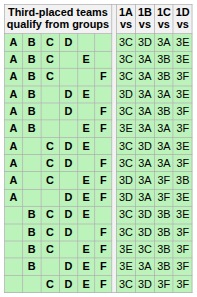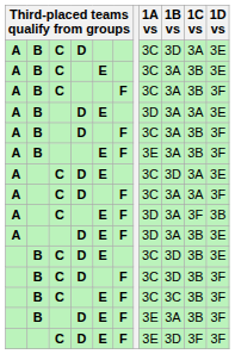 <table class="wikitable" style="text-align:center">
 <tr>
 <th colspan=6>Third-placed teams<br>qualify from groups</th>
 <th rowspan=16></th>
 <th>1A<br>vs</th>
 <th>1B<br>vs</th>
 <th>1C<br>vs</th>
 <th>1D<br>vs</th>
 </tr>
 <tr style="background:#BBF3BB;">
 <td><strong>A</strong></td>
 <td><strong>B</strong></td>
 <td><strong>C</strong></td>
 <td><strong>D</strong></td>
 <td></td>
 <td></td>
 <td>3C</td>
 <td>3D</td>
 <td>3A</td>
 <td>3E</td>
 </tr>
 <tr style="background:#BBF3BB;">
 <td><strong>A</strong></td>
 <td><strong>B</strong></td>
 <td><strong>C</strong></td>
 <td></td>
 <td><strong>E</strong></td>
 <td></td>
 <td>3C</td>
 <td>3A</td>
 <td>3B</td>
 <td>3E</td>
 </tr>
 <tr style="background:#BBF3BB;">
 <td><strong>A</strong></td>
 <td><strong>B</strong></td>
 <td><strong>C</strong></td>
 <td></td>
 <td></td>
 <td><strong>F</strong></td>
 <td>3C</td>
 <td>3A</td>
 <td>3B</td>
 <td>3F</td>
 </tr>
 <tr style="background:#BBF3BB;">
 <td><strong>A</strong></td>
 <td><strong>B</strong></td>
 <td></td>
 <td><strong>D</strong></td>
 <td><strong>E</strong></td>
 <td></td>
 <td>3D</td>
 <td>3A</td>
 <td>3A</td>
 <td>3E</td>
 </tr>
 <tr style="background:#BBF3BB;">
 <td><strong>A</strong></td>
 <td><strong>B</strong></td>
 <td></td>
 <td><strong>D</strong></td>
 <td></td>
 <td><strong>F</strong></td>
 <td>3C</td>
 <td>3A</td>
 <td>3B</td>
 <td>3F</td>
 </tr>
 <tr style="background:#BBF3BB;">
 <td><strong>A</strong></td>
 <td><strong>B</strong></td>
 <td></td>
 <td></td>
 <td><strong>E</strong></td>
 <td><strong>F</strong></td>
 <td>3E</td>
 <td>3A</td>
-<td>3A</td>
+<td>3B</td>
 <td>3F</td>
 </tr>
 <tr style="background:#BBF3BB;">
 <td><strong>A</strong></td>
 <td></td>
 <td><strong>C</strong></td>
 <td><strong>D</strong></td>
 <td><strong>E</strong></td>
 <td></td>
 <td>3C</td>
 <td>3D</td>
 <td>3A</td>
 <td>3E</td>
 </tr>
 <tr style="background:#BBF3BB;">
 <td><strong>A</strong></td>
 <td></td>
 <td><strong>C</strong></td>
 <td><strong>D</strong></td>
 <td></td>
 <td><strong>F</strong></td>
 <td>3C</td>
 <td>3A</td>
 <td>3A</td>
 <td>3F</td>
 </tr>
 <tr style="background:#BBF3BB;">
 <td><strong>A</strong></td>
 <td></td>
 <td><strong>C</strong></td>
 <td></td>
 <td><strong>E</strong></td>
 <td><strong>F</strong></td>
 <td>3D</td>
 <td>3A</td>
 <td>3F</td>
 <td>3B</td>
 </tr>
 <tr style="background:#BBF3BB;">
 <td><strong>A</strong></td>
 <td></td>
 <td></td>
 <td><strong>D</strong></td>
 <td><strong>E</strong></td>
 <td><strong>F</strong></td>
 <td>3D</td>
 <td>3A</td>
-<td>3F</td>
+<td>3B</td>
 <td>3E</td>
 </tr>
 <tr style="background:#BBF3BB;">
 <td></td>
 <td><strong>B</strong></td>
 <td><strong>C</strong></td>
 <td><strong>D</strong></td>
 <td><strong>E</strong></td>
 <td></td>
 <td>3C</td>
 <td>3D</td>
 <td>3B</td>
 <td>3E</td>
 </tr>
 <tr style="background:#BBF3BB;">
 <td></td>
 <td><strong>B</strong></td>
 <td><strong>C</strong></td>
 <td><strong>D</strong></td>
 <td></td>
 <td><strong>F</strong></td>
 <td>3C</td>
 <td>3D</td>
 <td>3B</td>
 <td>3F</td>
 </tr>
 <tr style="background:#BBF3BB;">
 <td></td>
 <td><strong>B</strong></td>
 <td><strong>C</strong></td>
 <td></td>
 <td><strong>E</strong></td>
 <td><strong>F</strong></td>
-<td>3E</td>
+<td>3C</td>
 <td>3C</td>
 <td>3B</td>
 <td>3F</td>
 </tr>
 <tr style="background:#BBF3BB;">
 <td></td>
 <td><strong>B</strong></td>
 <td></td>
 <td><strong>D</strong></td>
 <td><strong>E</strong></td>
 <td><strong>F</strong></td>
 <td>3E</td>
 <td>3A</td>
 <td>3B</td>
 <td>3F</td>
 </tr>
 <tr style="background:#BBF3BB;">
 <td></td>
 <td></td>
 <td><strong>C</strong></td>
 <td><strong>D</strong></td>
 <td><strong>E</strong></td>
 <td><strong>F</strong></td>
-<td>3C</td>
+<td>3E</td>
 <td>3D</td>
 <td>3F</td>
 <td>3F</td>
 </tr>
 </table>
